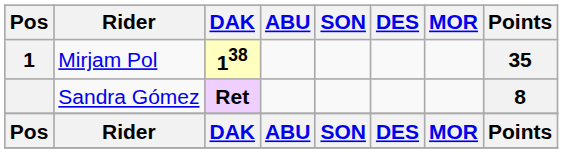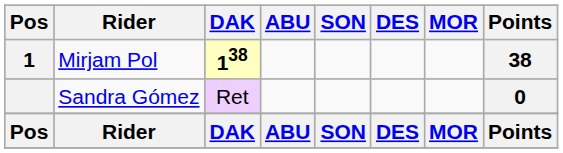 <table class="wikitable" style="font-size: 80%; text-align: center; display: inline-table;">
 <tr valign="top">
 <th valign="middle">Pos</th>
 <th valign="middle">Rider</th>
 <th><a href='#'>DAK</a><br></th>
 <th><a href='#'>ABU</a><br></th>
 <th><a href='#'>SON</a><br></th>
 <th><a href='#'>DES</a><br></th>
 <th><a href='#'>MOR</a><br></th>
 <th valign="middle">Points</th>
 </tr>
 <tr>
 <th>1</th>
 <td align=left> <a href='#'>Mirjam Pol</a></td>
 <td style="background:#ffffbf;"><strong>1<sup>38</sup></strong></td>
 <td></td>
 <td></td>
 <td></td>
 <td></td>
-<th>35</th>
+<th>38</th>
 </tr>
 <tr>
 <th></th>
 <td align=left> <a href='#'>Sandra Gómez</a></td>
-<td style="background:#efcfff;"><strong>Ret</strong></td>
+<td style="background:#efcfff;">Ret</td>
 <td></td>
 <td></td>
 <td></td>
 <td></td>
-<th>8</th>
+<th>0</th>
 </tr>
 <tr>
 </tr>
 <tr valign="top">
 <th valign="middle">Pos</th>
 <th valign="middle">Rider</th>
 <th><a href='#'>DAK</a><br></th>
 <th><a href='#'>ABU</a><br></th>
 <th><a href='#'>SON</a><br></th>
 <th><a href='#'>DES</a><br></th>
 <th><a href='#'>MOR</a><br></th>
 <th valign="middle">Points</th>
 </tr>
 <tr>
 </tr>
 </table>
